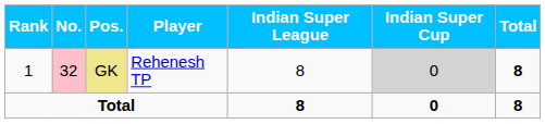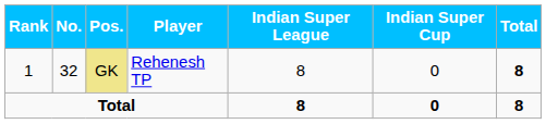 <table class="wikitable sortable" style="text-align:center;width:85%;">
 <tr>
 <th style=background:#00BFFF;color:#FFFFFF>Rank</th>
 <th style=background:#00BFFF;color:#FFFFFF>No.</th>
 <th style=background:#00BFFF;color:#FFFFFF>Pos.</th>
 <th style=background:#00BFFF;color:#FFFFFF>Player</th>
 <th style=background:#00BFFF;color:#FFFFFF>Indian Super League</th>
 <th style=background:#00BFFF;color:#FFFFFF>Indian Super Cup</th>
 <th style=background:#00BFFF;color:#FFFFFF>Total</th>
 </tr>
 <tr>
 <td>1</td>
-<td style="background: pink;">32</td>
+<td>32</td>
 <td style="background: khaki;">GK</td>
 <td align=left> <a href='#'>Rehenesh TP</a></td>
 <td>8</td>
-<td style="background: lightgrey;">0</td>
+<td>0</td>
 <td><strong>8</strong></td>
 </tr>
 <tr>
 <td colspan=4><strong>Total</strong></td>
 <td><strong>8</strong></td>
 <td><strong>0</strong></td>
 <td><strong>8</strong></td>
 </tr>
 </table>
